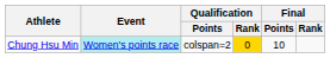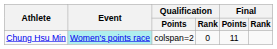 <table class="wikitable" style="font-size:90%;">
 <tr>
 <th rowspan=2>Athlete</th>
 <th rowspan=2>Event</th>
 <th colspan=2>Qualification</th>
 <th colspan=2>Final</th>
 </tr>
 <tr style="font-size:95%">
 <th>Points</th>
 <th>Rank</th>
 <th>Points</th>
 <th>Rank</th>
 </tr>
 <tr align=center>
 <td align=left><a href='#'>Chung Hsu Min</a></td>
 <td align=left style="background: paleturquoise;"><a href='#'>Women's points race</a></td>
 <td>colspan=2 </td>
-<td style="background: gold;">0</td>
-<td>10</td>
+<td>0</td>
+<td>11</td>
 </tr>
 </table>
